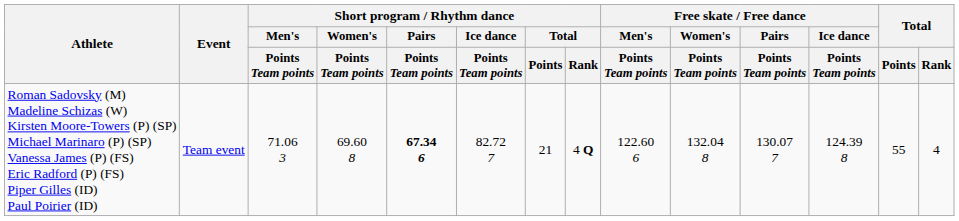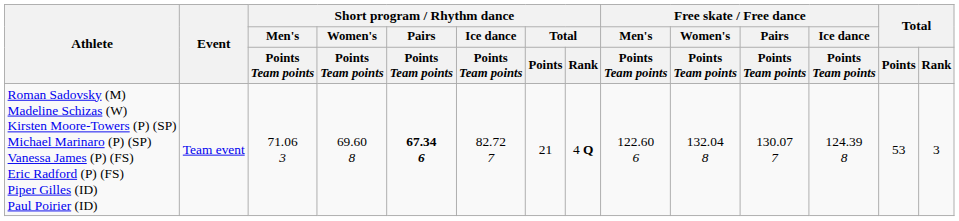 <table class=wikitable style=font-size:90%>
 <tr>
 <th rowspan=3>Athlete</th>
 <th rowspan=3>Event</th>
 <th colspan=6>Short program / Rhythm dance</th>
 <th colspan=4>Free skate / Free dance</th>
 <th rowspan=2 colspan=2>Total</th>
 </tr>
 <tr style=font-size:95%>
 <th>Men's</th>
 <th>Women's</th>
 <th>Pairs</th>
 <th>Ice dance</th>
 <th colspan=2>Total</th>
 <th>Men's</th>
 <th>Women's</th>
 <th>Pairs</th>
 <th>Ice dance</th>
 </tr>
 <tr style=font-size:95%>
 <th>Points<br><em>Team points</em></th>
 <th>Points<br><em>Team points</em></th>
 <th>Points<br><em>Team points</em></th>
 <th>Points<br><em>Team points</em></th>
 <th>Points</th>
 <th>Rank</th>
 <th>Points<br><em>Team points</em></th>
 <th>Points<br><em>Team points</em></th>
 <th>Points<br><em>Team points</em></th>
 <th>Points<br><em>Team points</em></th>
 <th>Points</th>
 <th>Rank</th>
 </tr>
 <tr align=center>
 <td align=left><a href='#'>Roman Sadovsky</a> (M)<br><a href='#'>Madeline Schizas</a> (W)<br><a href='#'>Kirsten Moore-Towers</a> (P) (SP)<br><a href='#'>Michael Marinaro</a> (P) (SP)<br><a href='#'>Vanessa James</a> (P) (FS)<br><a href='#'>Eric Radford</a> (P) (FS)<br><a href='#'>Piper Gilles</a> (ID)<br><a href='#'>Paul Poirier</a> (ID)</td>
 <td align=left><a href='#'>Team event</a></td>
 <td>71.06<br><em>3</em></td>
 <td>69.60<br><em>8</em></td>
 <td><strong>67.34<br><em>6</em></strong></td>
 <td>82.72<br><em>7</em></td>
 <td>21</td>
 <td>4 <strong>Q</strong></td>
 <td>122.60<br><em>6</em></td>
 <td>132.04<br><em>8</em></td>
 <td>130.07<br><em>7</em></td>
 <td>124.39<br><em>8</em></td>
-<td>55</td>
-<td>4</td>
+<td>53</td>
+<td>3</td>
 </tr>
 </table>
